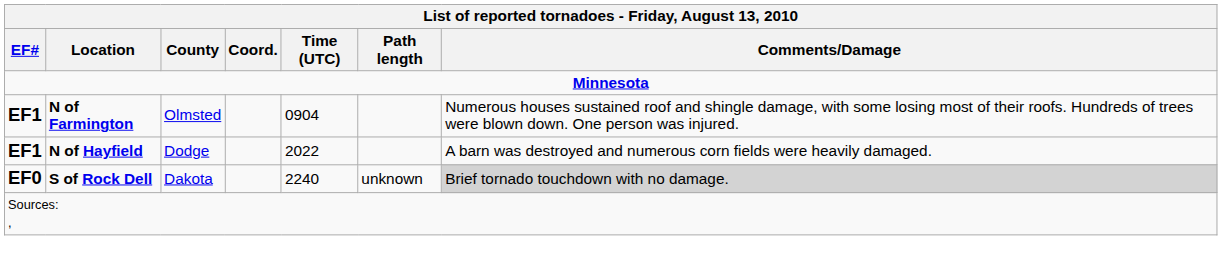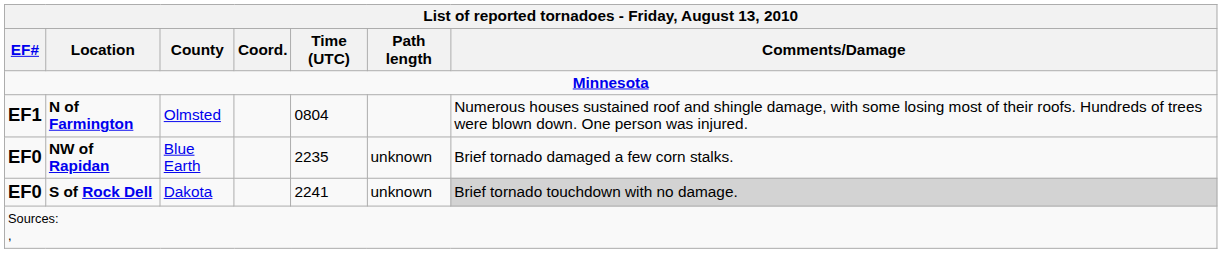 <table class="wikitable collapsible" width="100%">
 <tr>
 <th colspan="7">List of reported tornadoes - Friday, August 13, 2010</th>
 </tr>
 <tr>
 <th><a href='#'>EF#</a></th>
 <th>Location</th>
 <th>County</th>
 <th>Coord.</th>
 <th>Time (UTC)</th>
 <th>Path length</th>
 <th>Comments/Damage</th>
 </tr>
 <tr>
 <td colspan="7" align=center><strong><a href='#'>Minnesota</a></strong></td>
 </tr>
 <tr>
 <td><big><strong>EF1</strong></big></td>
 <td><strong>N of <a href='#'>Farmington</a></strong></td>
 <td><a href='#'>Olmsted</a></td>
 <td></td>
-<td>0904</td>
+<td>0804</td>
 <td></td>
 <td>Numerous houses sustained roof and shingle damage, with some losing most of their roofs. Hundreds of trees were blown down. One person was injured.</td>
 </tr>
 <tr>
-<td><big><strong>EF1</strong></big></td>
-<td><strong>N of <a href='#'>Hayfield</a></strong></td>
-<td><a href='#'>Dodge</a></td>
+<td><big><strong>EF0</strong></big></td>
+<td><strong>NW of <a href='#'>Rapidan</a></strong></td>
+<td><a href='#'>Blue Earth</a></td>
 <td></td>
-<td>2022</td>
-<td></td>
-<td>A barn was destroyed and numerous corn fields were heavily damaged.</td>
+<td>2235</td>
+<td>unknown</td>
+<td>Brief tornado damaged a few corn stalks.</td>
 </tr>
 <tr>
 <td><big><strong>EF0</strong></big></td>
 <td><strong>S of <a href='#'>Rock Dell</a></strong></td>
 <td><a href='#'>Dakota</a></td>
 <td></td>
-<td>2240</td>
+<td>2241</td>
 <td>unknown</td>
 <td style="background: lightgrey;">Brief tornado touchdown with no damage.</td>
 </tr>
 <tr>
 <td colspan="7"><small>Sources:<br>, </small></td>
 </tr>
 </table>
